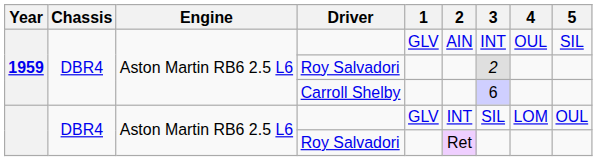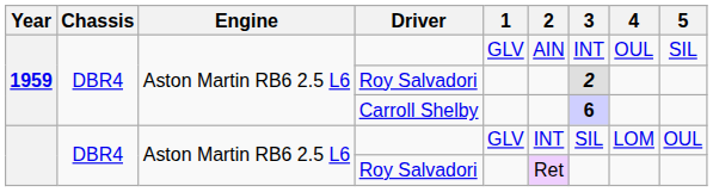 <table class="wikitable" style="text-align:center; font-size:85%">
 <tr>
 <th>Year</th>
 <th>Chassis</th>
 <th>Engine</th>
 <th>Driver</th>
 <th>1</th>
 <th>2</th>
 <th>3</th>
 <th>4</th>
 <th>5</th>
 </tr>
 <tr>
 <th rowspan="3"><a href='#'>1959</a></th>
 <td rowspan="3"><a href='#'>DBR4</a></td>
 <td rowspan="3">Aston Martin RB6 2.5 <a href='#'>L6</a></td>
 <td></td>
 <td><a href='#'>GLV</a></td>
 <td><a href='#'>AIN</a></td>
 <td><a href='#'>INT</a></td>
 <td><a href='#'>OUL</a></td>
 <td><a href='#'>SIL</a></td>
 </tr>
 <tr>
 <td align="left"> <a href='#'>Roy Salvadori</a></td>
 <td></td>
 <td></td>
-<td style="background-color:#DFDFDF"><em>2</em></td>
+<td style="background-color:#DFDFDF"><strong><em>2</em></strong></td>
 <td></td>
 <td></td>
 </tr>
 <tr>
 <td align="left"> <a href='#'>Carroll Shelby</a></td>
 <td></td>
 <td></td>
-<td style="background-color:#CFCFFF">6</td>
+<td style="background-color:#CFCFFF"><strong>6</strong></td>
 <td></td>
 <td></td>
 </tr>
 <tr>
 <th rowspan="2"></th>
 <td rowspan="2"><a href='#'>DBR4</a></td>
 <td rowspan="2">Aston Martin RB6 2.5 <a href='#'>L6</a></td>
 <td></td>
 <td><a href='#'>GLV</a></td>
 <td><a href='#'>INT</a></td>
 <td><a href='#'>SIL</a></td>
 <td><a href='#'>LOM</a></td>
 <td><a href='#'>OUL</a></td>
 </tr>
 <tr>
 <td align="left"> <a href='#'>Roy Salvadori</a></td>
 <td></td>
 <td style="background-color:#EFCFFF">Ret</td>
 <td></td>
 <td></td>
 <td></td>
 </tr>
 </table>
